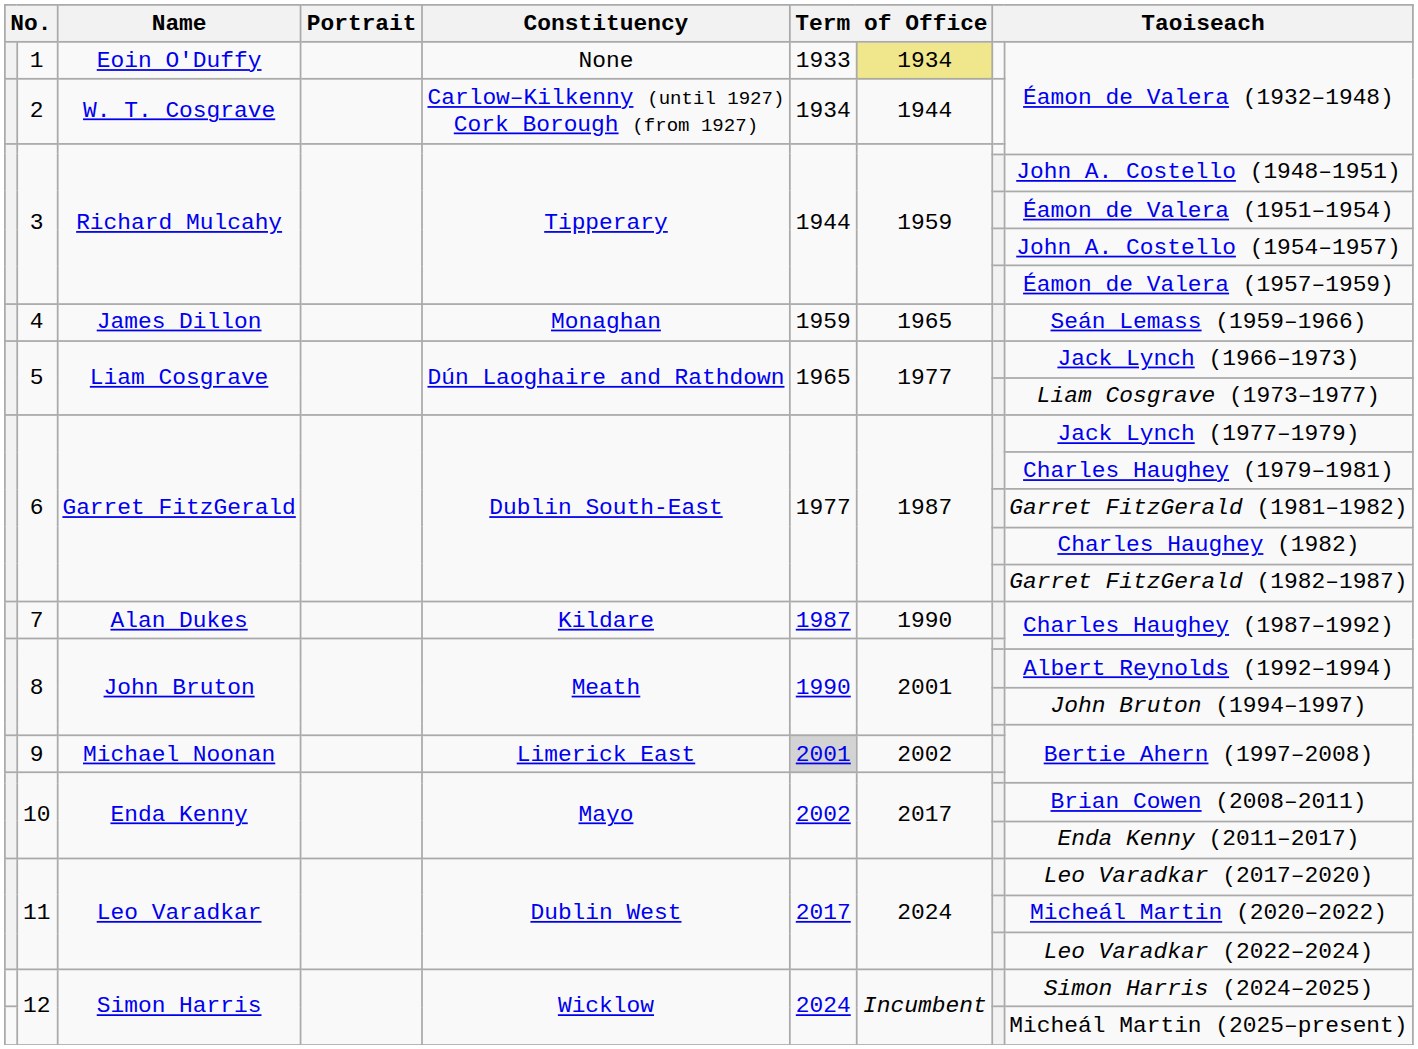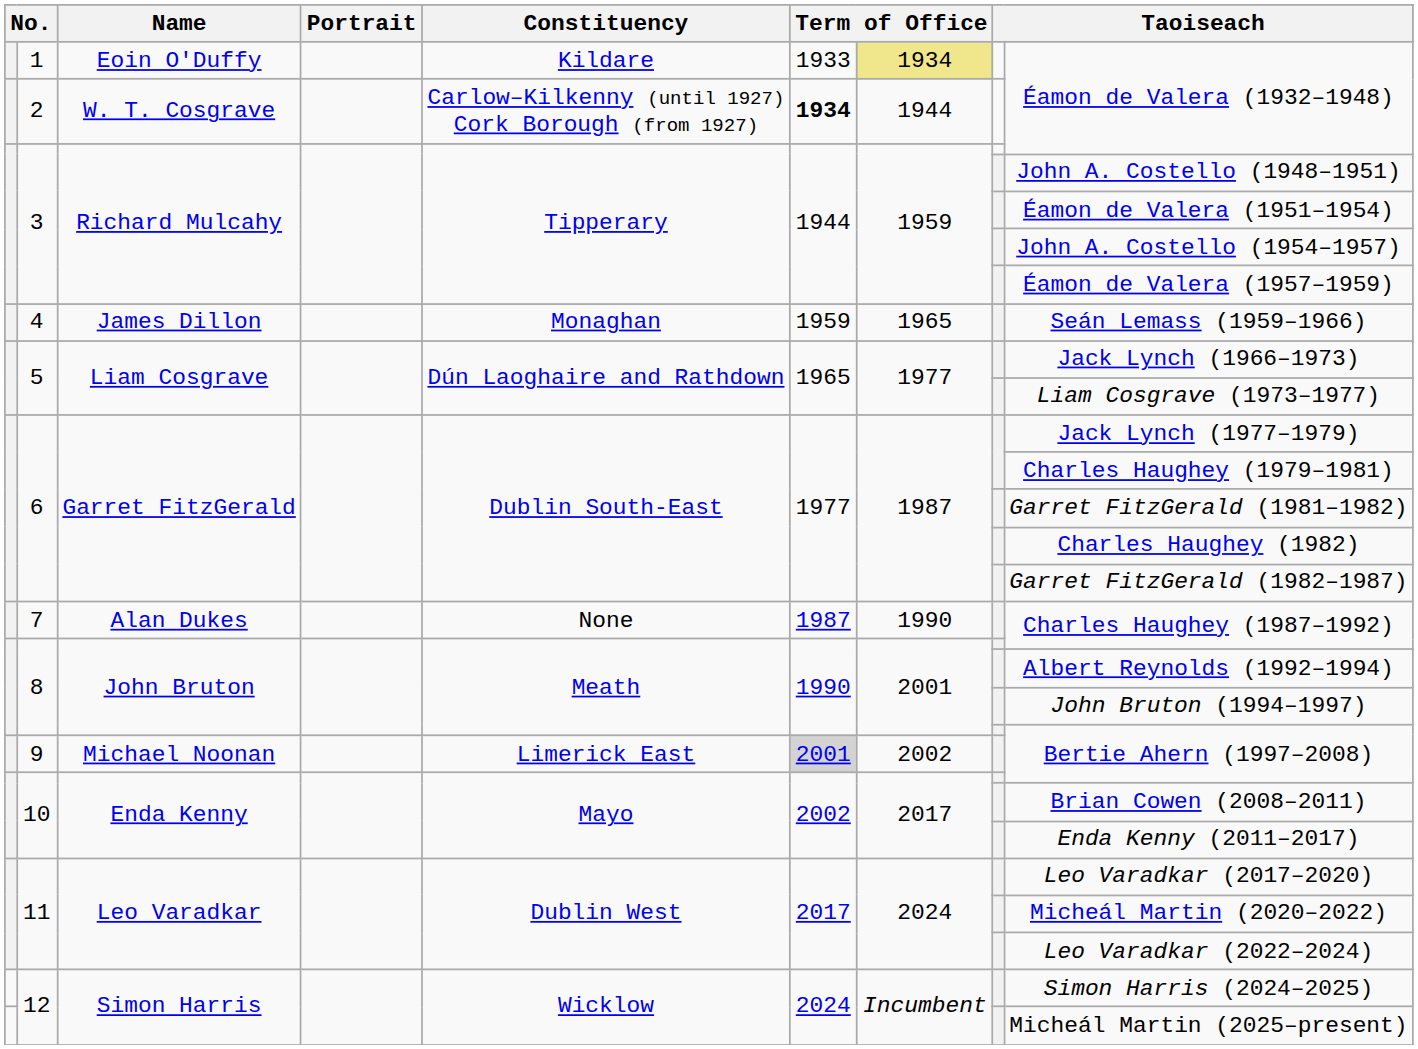 <table class="wikitable" style="text-align:center">
 <tr>
 <th colspan=2>No.</th>
 <th>Name</th>
 <th>Portrait</th>
 <th>Constituency</th>
 <th colspan=2>Term of Office</th>
 <th colspan=2>Taoiseach</th>
 </tr>
 <tr>
 <th style="background:"></th>
 <td>1</td>
 <td><a href='#'>Eoin O'Duffy</a></td>
 <td></td>
-<td>None</td>
+<td><a href='#'>Kildare</a></td>
 <td>1933</td>
 <td style="background: khaki;">1934</td>
 <td style="background:"></td>
 <td rowspan=3><a href='#'>Éamon de Valera</a> (1932–1948)</td>
 </tr>
 <tr>
 <th style="background:"></th>
 <td>2</td>
 <td><a href='#'>W. T. Cosgrave</a></td>
 <td></td>
 <td><a href='#'>Carlow–Kilkenny</a> <small>(until 1927)</small><br><a href='#'>Cork Borough</a> <small>(from 1927)</small></td>
-<td>1934</td>
+<td><strong>1934</strong></td>
 <td>1944</td>
 </tr>
 <tr>
 <th rowspan=5 style="background:"></th>
 <td rowspan=5>3</td>
 <td rowspan=5><a href='#'>Richard Mulcahy</a><br></td>
 <td rowspan=5></td>
 <td rowspan=5><a href='#'>Tipperary</a></td>
 <td rowspan=5>1944</td>
 <td rowspan=5>1959</td>
 <td style="background:"></td>
 </tr>
 <tr>
 <th style="background:"></th>
 <td><a href='#'>John A. Costello</a> (1948–1951)</td>
 </tr>
 <tr>
 <th style="background:"></th>
 <td><a href='#'>Éamon de Valera</a> (1951–1954)</td>
 </tr>
 <tr>
 <th style="background:"></th>
 <td><a href='#'>John A. Costello</a> (1954–1957)</td>
 </tr>
 <tr>
 <th style="background:"></th>
 <td><a href='#'>Éamon de Valera</a> (1957–1959)</td>
 </tr>
 <tr>
 <th style="background:"></th>
 <td>4</td>
 <td><a href='#'>James Dillon</a></td>
 <td></td>
 <td><a href='#'>Monaghan</a></td>
 <td>1959</td>
 <td>1965</td>
 <th style="background:"></th>
 <td><a href='#'>Seán Lemass</a> (1959–1966)</td>
 </tr>
 <tr>
 <th rowspan=2 style="background:"></th>
 <td rowspan=2>5</td>
 <td rowspan=2><a href='#'>Liam Cosgrave</a></td>
 <td rowspan=2></td>
 <td rowspan=2><a href='#'>Dún Laoghaire and Rathdown</a></td>
 <td rowspan=2>1965</td>
 <td rowspan=2>1977</td>
 <th style="background:"></th>
 <td><a href='#'>Jack Lynch</a> (1966–1973)</td>
 </tr>
 <tr>
 <th style="background:"></th>
 <td><em>Liam Cosgrave</em> (1973–1977)</td>
 </tr>
 <tr>
 <th rowspan=5 style="background:"></th>
 <td rowspan=5>6</td>
 <td rowspan=5><a href='#'>Garret FitzGerald</a></td>
 <td rowspan=5></td>
 <td rowspan=5><a href='#'>Dublin South-East</a></td>
 <td rowspan=5>1977</td>
 <td rowspan=5>1987</td>
 <th rowspan=2 style="background:"></th>
 <td><a href='#'>Jack Lynch</a> (1977–1979)</td>
 </tr>
 <tr>
 <td><a href='#'>Charles Haughey</a> (1979–1981)</td>
 </tr>
 <tr>
 <th style="background:"></th>
 <td><em>Garret FitzGerald</em> (1981–1982)</td>
 </tr>
 <tr>
 <th style="background:"></th>
 <td><a href='#'>Charles Haughey</a> (1982)</td>
 </tr>
 <tr>
 <th style="background:"></th>
 <td><em>Garret FitzGerald</em> (1982–1987)</td>
 </tr>
 <tr>
 <th style="background:"></th>
 <td>7</td>
 <td><a href='#'>Alan Dukes</a></td>
 <td></td>
-<td><a href='#'>Kildare</a></td>
+<td>None</td>
 <td><a href='#'>1987</a></td>
 <td>1990</td>
 <th style="background:"></th>
 <td rowspan=2><a href='#'>Charles Haughey</a> (1987–1992)</td>
 </tr>
 <tr>
 <th rowspan=4 style="background:"></th>
 <td rowspan=4>8</td>
 <td rowspan=4><a href='#'>John Bruton</a></td>
 <td rowspan=4></td>
 <td rowspan=4><a href='#'>Meath</a></td>
 <td rowspan=4><a href='#'>1990</a></td>
 <td rowspan=4>2001</td>
 <th style="background:"></th>
 </tr>
 <tr>
 <th style="background:"></th>
 <td><a href='#'>Albert Reynolds</a> (1992–1994)</td>
 </tr>
 <tr>
 <th style="background:"></th>
 <td><em>John Bruton</em> (1994–1997)</td>
 </tr>
 <tr>
 <th style="background:"></th>
 <td rowspan=3><a href='#'>Bertie Ahern</a> (1997–2008)</td>
 </tr>
 <tr>
 <th style="background:"></th>
 <td>9</td>
 <td><a href='#'>Michael Noonan</a></td>
 <td></td>
 <td><a href='#'>Limerick East</a></td>
 <td style="background: lightgrey;"><a href='#'>2001</a></td>
 <td>2002</td>
 <th style="background:"></th>
 </tr>
 <tr>
 <th rowspan=3 style="background:"></th>
 <td rowspan=3>10</td>
 <td rowspan=3><a href='#'>Enda Kenny</a></td>
 <td rowspan=3></td>
 <td rowspan=3><a href='#'>Mayo</a></td>
 <td rowspan=3><a href='#'>2002</a></td>
 <td rowspan=3>2017</td>
 <th style="background:"></th>
 </tr>
 <tr>
 <th style="background:"></th>
 <td><a href='#'>Brian Cowen</a> (2008–2011)</td>
 </tr>
 <tr>
 <th style="background:"></th>
 <td><em>Enda Kenny</em> (2011–2017)</td>
 </tr>
 <tr>
 <th rowspan=3 style="background:"></th>
 <td rowspan=3>11</td>
 <td rowspan=3><a href='#'>Leo Varadkar</a></td>
 <td rowspan=3></td>
 <td rowspan=3><a href='#'>Dublin West</a></td>
 <td rowspan=3><a href='#'>2017</a></td>
 <td rowspan=3>2024</td>
 <th style="background:"></th>
 <td><em>Leo Varadkar</em> (2017–2020)</td>
 </tr>
 <tr>
 <th style="background:"></th>
 <td><a href='#'>Micheál Martin</a> (2020–2022)</td>
 </tr>
 <tr>
 <th style="background:"></th>
 <td><em>Leo Varadkar</em> (2022–2024)</td>
 </tr>
 <tr>
 <td style="background:"></td>
 <td rowspan="2">12</td>
 <td rowspan="2"><a href='#'>Simon Harris</a></td>
 <td rowspan="2"></td>
 <td rowspan="2"><a href='#'>Wicklow</a></td>
 <td rowspan="2"><a href='#'>2024</a></td>
 <td rowspan="2"><em>Incumbent</em></td>
 <th style="background:"></th>
 <td><em>Simon Harris</em> (2024–2025)</td>
 </tr>
 <tr>
 <td></td>
 <th style="background:"></th>
 <td>Micheál Martin (2025–present)</td>
 </tr>
 </table>
